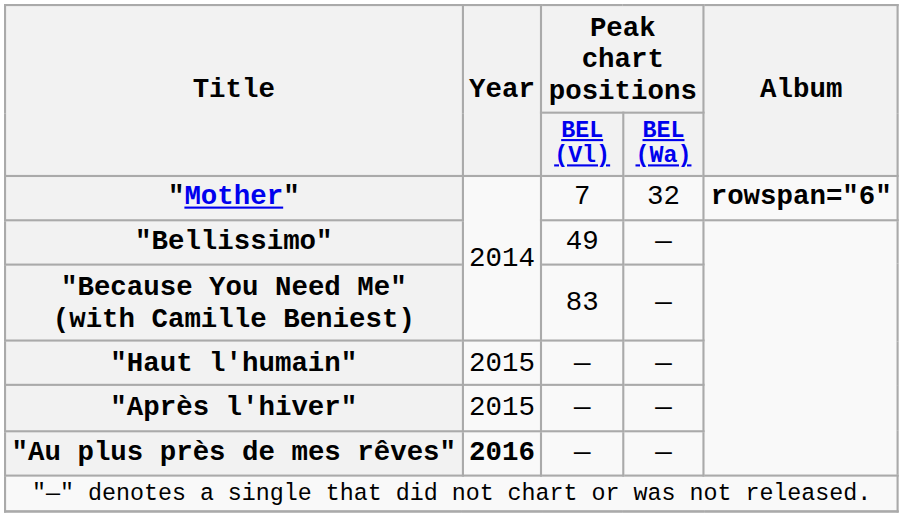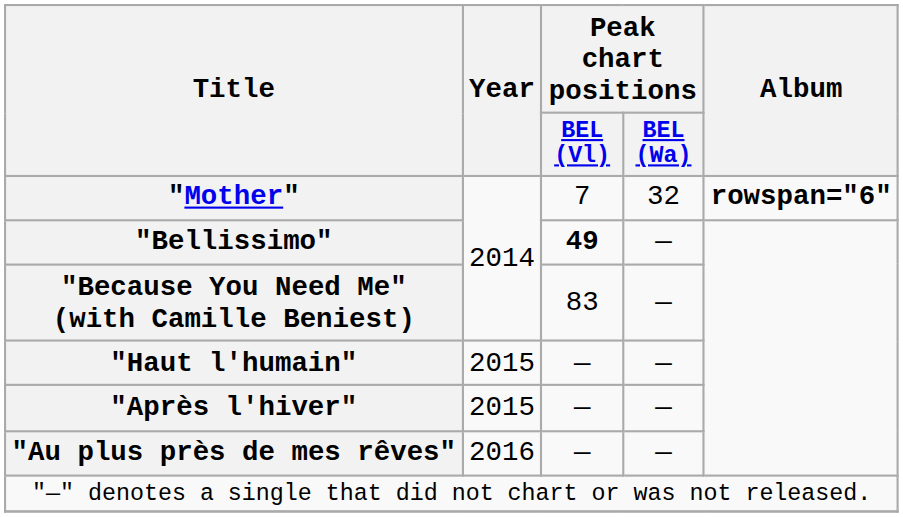 <table class="wikitable plainrowheaders" style="text-align:center;">
 <tr>
 <th scope="col" rowspan="2">Title</th>
 <th scope="col" rowspan="2">Year</th>
 <th scope="col" colspan="2">Peak chart positions</th>
 <th scope="col" rowspan="2">Album</th>
 </tr>
 <tr>
 <th scope="col" style="width:3em;font-size:85%;"><a href='#'>BEL (Vl)</a><br></th>
 <th scope="col" style="width:3em;font-size:85%;"><a href='#'>BEL (Wa)</a><br></th>
 </tr>
 <tr>
 <th scope="row">"<a href='#'>Mother</a>"</th>
 <td rowspan="3">2014</td>
 <td>7</td>
 <td>32</td>
 <td><strong>rowspan="6" </strong></td>
 </tr>
 <tr>
 <th scope="row">"Bellissimo"</th>
-<td>49</td>
+<td><strong>49</strong></td>
 <td>—</td>
 </tr>
 <tr>
 <th scope="row">"Because You Need Me"<br><span>(with Camille Beniest)</span></th>
 <td>83</td>
 <td>—</td>
 </tr>
 <tr>
 <th scope="row">"Haut l'humain"</th>
 <td>2015</td>
 <td>—</td>
 <td>—</td>
 </tr>
 <tr>
 <th scope="row">"Après l'hiver"</th>
 <td>2015</td>
 <td>—</td>
 <td>—</td>
 </tr>
 <tr>
 <th scope="row">"Au plus près de mes rêves"</th>
-<td><strong>2016</strong></td>
+<td>2016</td>
 <td>—</td>
 <td>—</td>
 </tr>
 <tr>
 <td colspan="18" style="font-size:85%">"—" denotes a single that did not chart or was not released.</td>
 </tr>
 <tr>
 </tr>
 </table>
